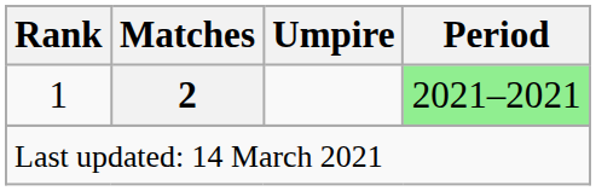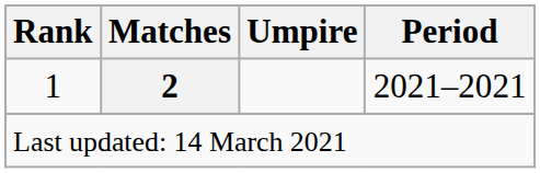 <table class="wikitable plainrowheaders sortable">
 <tr>
 <th scope=col>Rank</th>
 <th scope=col>Matches</th>
 <th scope=col>Umpire</th>
 <th scope=col>Period</th>
 </tr>
 <tr>
 <td align=center>1</td>
 <th scope=row style=text-align:center;>2</th>
 <td></td>
-<td style="background: lightgreen;">2021–2021</td>
+<td>2021–2021</td>
 </tr>
 <tr>
 </tr>
 <tr class=sortbottom>
 <td colspan=4><small>Last updated: 14 March 2021</small></td>
 </tr>
 </table>
